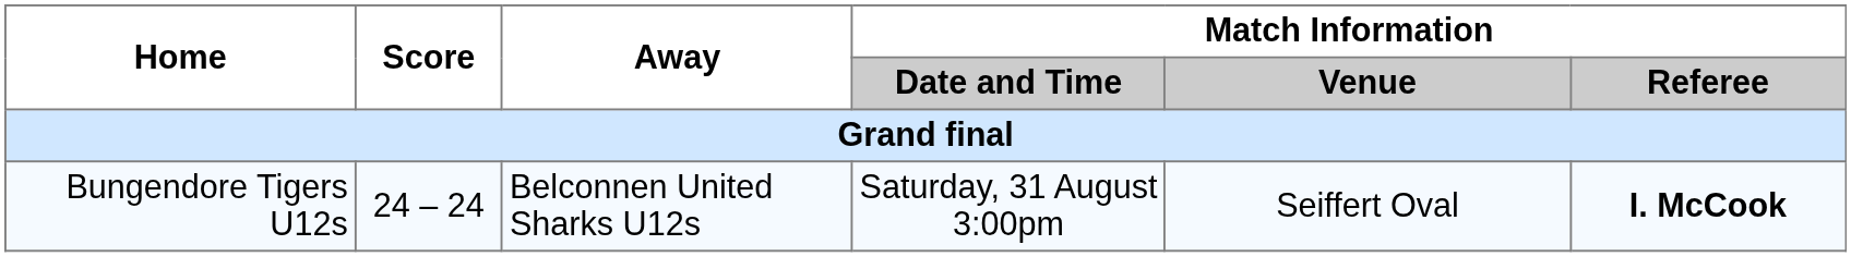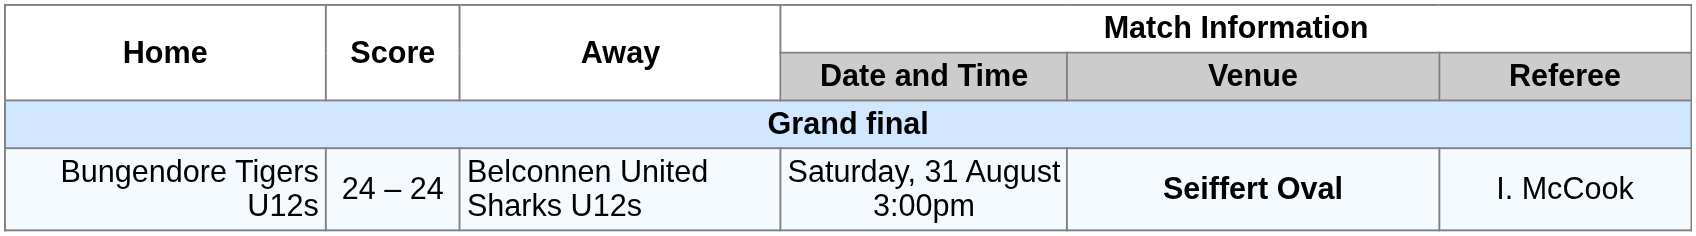 <table border="1" cellpadding="3" cellspacing="0" width="100%" style="border-collapse:collapse;  text-align:center;">
 <tr>
 <th rowspan="2" width="19%">Home</th>
 <th rowspan="2" width="8%">Score</th>
 <th rowspan="2" width="19%">Away</th>
 <th colspan="3">Match Information</th>
 </tr>
 <tr bgcolor="#CCCCCC">
 <th width="17%">Date and Time</th>
 <th width="22%">Venue</th>
 <th width="50%">Referee</th>
 </tr>
 <tr style="background:#d0e7ff;">
 <td colspan="6"><strong>Grand final</strong></td>
 </tr>
 <tr style="text-align:center; background:#f5faff;">
 <td align="right">Bungendore Tigers U12s </td>
 <td>24 – 24</td>
 <td align="left"> Belconnen United Sharks U12s</td>
 <td>Saturday, 31 August 3:00pm</td>
-<td>Seiffert Oval</td>
-<td><strong>I. McCook</strong></td>
+<td><strong>Seiffert Oval</strong></td>
+<td>I. McCook</td>
 </tr>
 </table>
